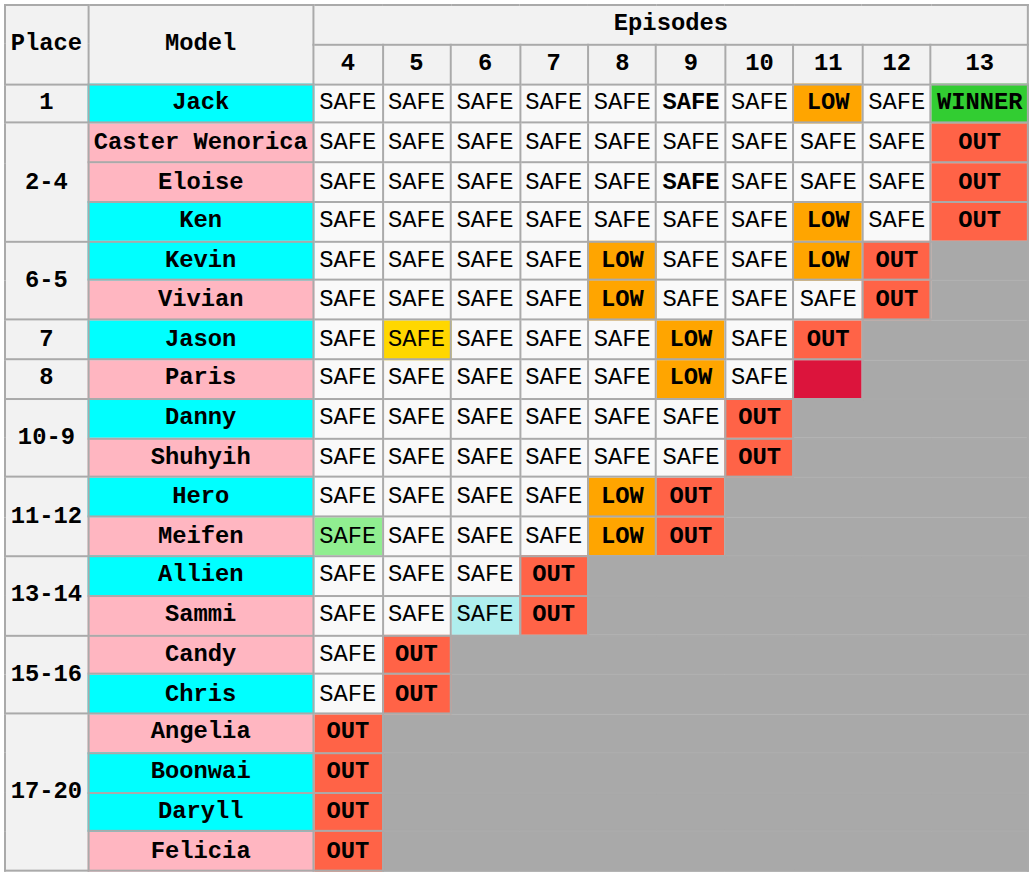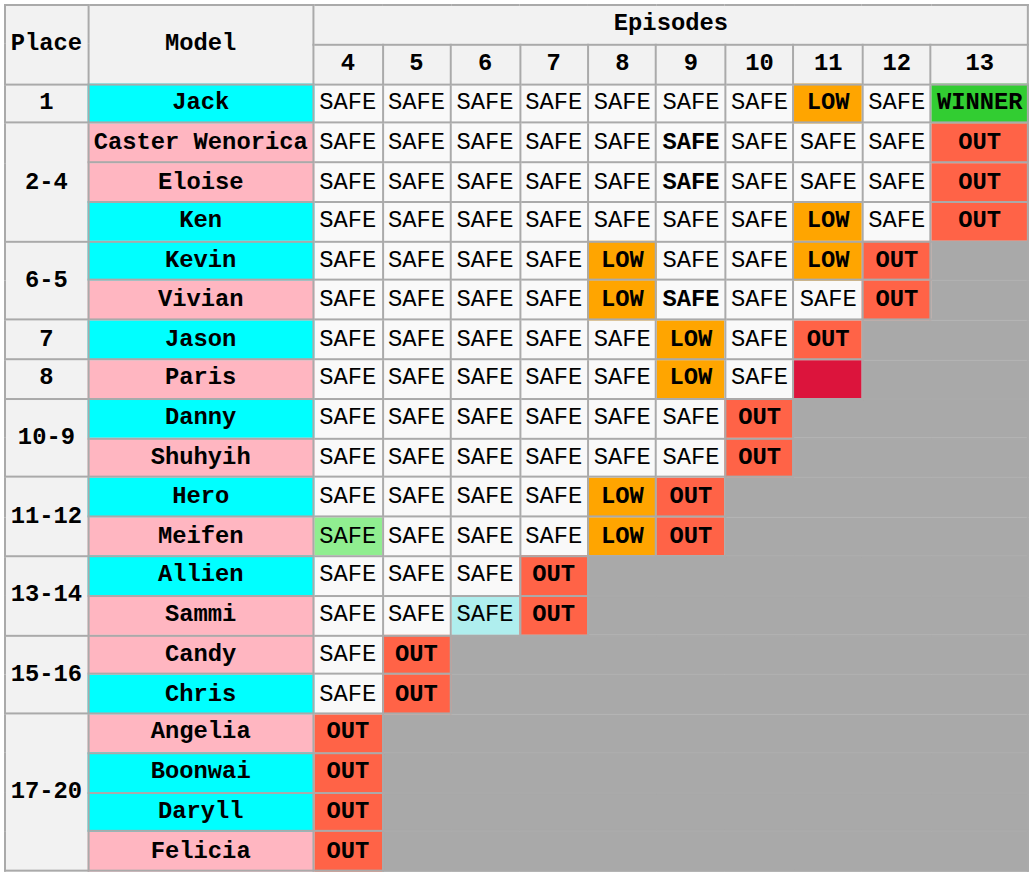 <table class="wikitable" style="text-align:center; font-size:92%">
 <tr>
 <th rowspan="2">Place</th>
 <th rowspan="2">Model</th>
 <th colspan="12">Episodes</th>
 </tr>
 <tr>
 <th>4</th>
 <th>5</th>
 <th>6</th>
 <th>7</th>
 <th>8</th>
 <th>9</th>
 <th>10</th>
 <th>11</th>
 <th>12</th>
 <th>13</th>
 </tr>
 <tr>
 <th>1</th>
 <th style="background:cyan;">Jack</th>
 <td>SAFE</td>
 <td>SAFE</td>
 <td>SAFE</td>
 <td>SAFE</td>
 <td>SAFE</td>
-<td><strong>SAFE</strong></td>
+<td>SAFE</td>
 <td>SAFE</td>
 <td style="background:orange;"><strong>LOW</strong></td>
 <td>SAFE</td>
 <td style="background:limegreen;"><strong>WINNER</strong></td>
 </tr>
 <tr>
 <th rowspan=3>2-4</th>
 <th style="background:lightpink;">Caster Wenorica</th>
 <td>SAFE</td>
 <td>SAFE</td>
 <td>SAFE</td>
 <td>SAFE</td>
 <td>SAFE</td>
-<td>SAFE</td>
+<td><strong>SAFE</strong></td>
 <td>SAFE</td>
 <td>SAFE</td>
 <td>SAFE</td>
 <td style="background:tomato;"><strong>OUT</strong></td>
 </tr>
 <tr>
 <th style="background:lightpink;">Eloise</th>
 <td>SAFE</td>
 <td>SAFE</td>
 <td>SAFE</td>
 <td>SAFE</td>
 <td>SAFE</td>
 <td><strong>SAFE</strong></td>
 <td>SAFE</td>
 <td>SAFE</td>
 <td>SAFE</td>
 <td style="background:tomato;"><strong>OUT</strong></td>
 </tr>
 <tr>
 <th style="background:cyan;">Ken</th>
 <td>SAFE</td>
 <td>SAFE</td>
 <td>SAFE</td>
 <td>SAFE</td>
 <td>SAFE</td>
 <td>SAFE</td>
 <td>SAFE</td>
 <td style="background:orange;"><strong>LOW</strong></td>
 <td>SAFE</td>
 <td style="background:tomato;"><strong>OUT</strong></td>
 </tr>
 <tr>
 <th rowspan=2>6-5</th>
 <th style="background:cyan;">Kevin</th>
 <td>SAFE</td>
 <td>SAFE</td>
 <td>SAFE</td>
 <td>SAFE</td>
 <td style="background:orange;"><strong>LOW</strong></td>
 <td>SAFE</td>
 <td>SAFE</td>
 <td style="background:orange;"><strong>LOW</strong></td>
 <td style="background:tomato;"><strong>OUT</strong></td>
 <td style="background:darkgray;" colspan="1"></td>
 </tr>
 <tr>
 <th style="background:lightpink;">Vivian</th>
 <td>SAFE</td>
 <td>SAFE</td>
 <td>SAFE</td>
 <td>SAFE</td>
 <td style="background:orange;"><strong>LOW</strong></td>
-<td>SAFE</td>
+<td><strong>SAFE</strong></td>
 <td>SAFE</td>
 <td>SAFE</td>
 <td style="background:tomato;"><strong>OUT</strong></td>
 <td style="background:darkgray;" colspan="1"></td>
 </tr>
 <tr>
 <th>7</th>
 <th style="background:cyan;">Jason</th>
 <td>SAFE</td>
-<td style="background: gold;">SAFE</td>
+<td>SAFE</td>
 <td>SAFE</td>
 <td>SAFE</td>
 <td>SAFE</td>
 <td style="background:orange;"><strong>LOW</strong></td>
 <td>SAFE</td>
 <td style="background:tomato;"><strong>OUT</strong></td>
 <td style="background:darkgray;" colspan="3"></td>
 </tr>
 <tr>
 <th>8</th>
 <th style="background:lightpink;">Paris</th>
 <td>SAFE</td>
 <td>SAFE</td>
 <td>SAFE</td>
 <td>SAFE</td>
 <td>SAFE</td>
 <td style="background:orange;"><strong>LOW</strong></td>
 <td>SAFE</td>
 <td style="background:crimson;"><strong></strong></td>
 <td style="background:darkgray;" colspan="5"></td>
 </tr>
 <tr>
 <th rowspan=2>10-9</th>
 <th style="background:cyan;">Danny</th>
 <td>SAFE</td>
 <td>SAFE</td>
 <td>SAFE</td>
 <td>SAFE</td>
 <td>SAFE</td>
 <td>SAFE</td>
 <td style="background:tomato;"><strong>OUT</strong></td>
 <td style="background:darkgray;" colspan="5"></td>
 </tr>
 <tr>
 <th style="background:lightpink;">Shuhyih</th>
 <td>SAFE</td>
 <td>SAFE</td>
 <td>SAFE</td>
 <td>SAFE</td>
 <td>SAFE</td>
 <td>SAFE</td>
 <td style="background:tomato;"><strong>OUT</strong></td>
 <td style="background:darkgray;" colspan="3"></td>
 </tr>
 <tr>
 <th rowspan=2>11-12</th>
 <th style="background:cyan;">Hero</th>
 <td>SAFE</td>
 <td>SAFE</td>
 <td>SAFE</td>
 <td>SAFE</td>
 <td style="background:orange;"><strong>LOW</strong></td>
 <td style="background:tomato;"><strong>OUT</strong></td>
 <td style="background:darkgray;" colspan="7"></td>
 </tr>
 <tr>
 <th style="background:lightpink;">Meifen</th>
 <td style="background: lightgreen;">SAFE</td>
 <td>SAFE</td>
 <td>SAFE</td>
 <td>SAFE</td>
 <td style="background:orange;"><strong>LOW</strong></td>
 <td style="background:tomato;"><strong>OUT</strong></td>
 <td style="background:darkgray;" colspan="6"></td>
 </tr>
 <tr>
 <th rowspan=2>13-14</th>
 <th style="background:cyan;">Allien</th>
 <td>SAFE</td>
 <td>SAFE</td>
 <td>SAFE</td>
 <td style="background:tomato;"><strong>OUT</strong></td>
 <td style="background:darkgray;" colspan="10"></td>
 </tr>
 <tr>
 <th style="background:lightpink;">Sammi</th>
 <td>SAFE</td>
 <td>SAFE</td>
 <td style="background: paleturquoise;">SAFE</td>
 <td style="background:tomato;"><strong>OUT</strong></td>
 <td style="background:darkgray;" colspan="9"></td>
 </tr>
 <tr>
 <th rowspan=2>15-16</th>
 <th style="background:lightpink;">Candy</th>
 <td>SAFE</td>
 <td style="background:tomato;"><strong>OUT</strong></td>
 <td style="background:darkgray;" colspan="10"></td>
 </tr>
 <tr>
 <th style="background:cyan;">Chris</th>
 <td>SAFE</td>
 <td style="background:tomato;"><strong>OUT</strong></td>
 <td style="background:darkgray;" colspan="9"></td>
 </tr>
 <tr>
 <th rowspan=4>17-20</th>
 <th style="background:lightpink;">Angelia</th>
 <td style="background:tomato;"><strong>OUT</strong></td>
 <td style="background:darkgray;" colspan="10"></td>
 </tr>
 <tr>
 <th style="background:cyan;">Boonwai</th>
 <td style="background:tomato;"><strong>OUT</strong></td>
 <td style="background:darkgray;" colspan="10"></td>
 </tr>
 <tr>
 <th style="background:cyan;">Daryll</th>
 <td style="background:tomato;"><strong>OUT</strong></td>
 <td style="background:darkgray;" colspan="10"></td>
 </tr>
 <tr>
 <th style="background:lightpink;">Felicia</th>
 <td style="background:tomato;"><strong>OUT</strong></td>
 <td style="background:darkgray;" colspan="10"></td>
 </tr>
 </table>
